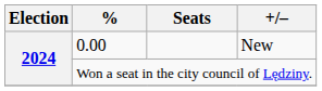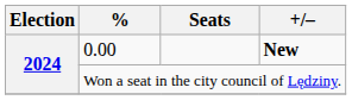 <table class=wikitable>
 <tr>
 <th>Election</th>
 <th>%</th>
 <th>Seats</th>
 <th>+/–</th>
 </tr>
 <tr>
 <th rowspan="2"><a href='#'>2024</a></th>
 <td>0.00</td>
 <td></td>
-<td>New</td>
+<td><strong>New</strong></td>
 </tr>
 <tr>
 <td colspan=7><small>Won a seat in the city council of <a href='#'>Lędziny</a>.</small></td>
 </tr>
 <tr>
 </tr>
 </table>
